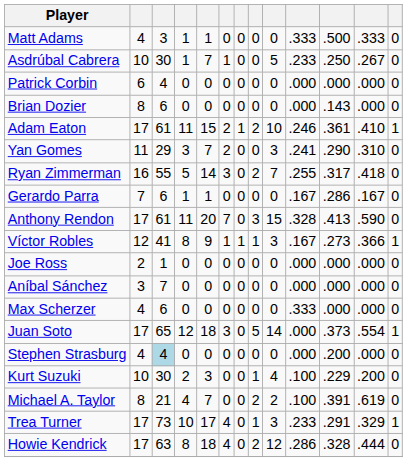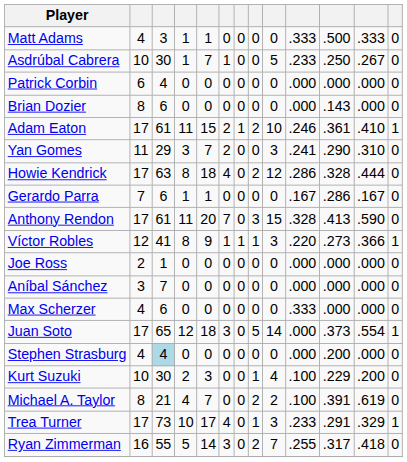 <table class="wikitable sortable" style="text-align:center;">
 <tr>
 <th>Player</th>
 <th></th>
 <th></th>
 <th></th>
 <th></th>
 <th></th>
 <th></th>
 <th></th>
 <th></th>
 <th></th>
 <th></th>
 <th></th>
 <th></th>
 </tr>
 <tr>
 <td align=left><a href='#'>Matt Adams</a></td>
 <td>4</td>
 <td>3</td>
 <td>1</td>
 <td>1</td>
 <td>0</td>
 <td>0</td>
 <td>0</td>
 <td>0</td>
 <td>.333</td>
 <td>.500</td>
 <td>.333</td>
 <td>0</td>
 </tr>
 <tr>
 <td align=left><a href='#'>Asdrúbal Cabrera</a></td>
 <td>10</td>
 <td>30</td>
 <td>1</td>
 <td>7</td>
 <td>1</td>
 <td>0</td>
 <td>0</td>
 <td>5</td>
 <td>.233</td>
 <td>.250</td>
 <td>.267</td>
 <td>0</td>
 </tr>
 <tr>
 <td align=left><a href='#'>Patrick Corbin</a></td>
 <td>6</td>
 <td>4</td>
 <td>0</td>
 <td>0</td>
 <td>0</td>
 <td>0</td>
 <td>0</td>
 <td>0</td>
 <td>.000</td>
 <td>.000</td>
 <td>.000</td>
 <td>0</td>
 </tr>
 <tr>
 <td align=left><a href='#'>Brian Dozier</a></td>
 <td>8</td>
 <td>6</td>
 <td>0</td>
 <td>0</td>
 <td>0</td>
 <td>0</td>
 <td>0</td>
 <td>0</td>
 <td>.000</td>
 <td>.143</td>
 <td>.000</td>
 <td>0</td>
 </tr>
 <tr>
 <td align=left><a href='#'>Adam Eaton</a></td>
 <td>17</td>
 <td>61</td>
 <td>11</td>
 <td>15</td>
 <td>2</td>
 <td>1</td>
 <td>2</td>
 <td>10</td>
 <td>.246</td>
 <td>.361</td>
 <td>.410</td>
 <td>1</td>
 </tr>
 <tr>
 <td align=left><a href='#'>Yan Gomes</a></td>
 <td>11</td>
 <td>29</td>
 <td>3</td>
 <td>7</td>
 <td>2</td>
 <td>0</td>
 <td>0</td>
 <td>3</td>
 <td>.241</td>
 <td>.290</td>
 <td>.310</td>
 <td>0</td>
 </tr>
 <tr>
-<td align=left><a href='#'>Ryan Zimmerman</a></td>
-<td>16</td>
-<td>55</td>
-<td>5</td>
-<td>14</td>
-<td>3</td>
+<td align=left><a href='#'>Howie Kendrick</a></td>
+<td>17</td>
+<td>63</td>
+<td>8</td>
+<td>18</td>
+<td>4</td>
 <td>0</td>
 <td>2</td>
-<td>7</td>
-<td>.255</td>
-<td>.317</td>
-<td>.418</td>
+<td>12</td>
+<td>.286</td>
+<td>.328</td>
+<td>.444</td>
 <td>0</td>
 </tr>
 <tr>
 <td align=left><a href='#'>Gerardo Parra</a></td>
 <td>7</td>
 <td>6</td>
 <td>1</td>
 <td>1</td>
 <td>0</td>
 <td>0</td>
 <td>0</td>
 <td>0</td>
 <td>.167</td>
 <td>.286</td>
 <td>.167</td>
 <td>0</td>
 </tr>
 <tr>
 <td align=left><a href='#'>Anthony Rendon</a></td>
 <td>17</td>
 <td>61</td>
 <td>11</td>
 <td>20</td>
 <td>7</td>
 <td>0</td>
 <td>3</td>
 <td>15</td>
 <td>.328</td>
 <td>.413</td>
 <td>.590</td>
 <td>0</td>
 </tr>
 <tr>
 <td align=left><a href='#'>Víctor Robles</a></td>
 <td>12</td>
 <td>41</td>
 <td>8</td>
 <td>9</td>
 <td>1</td>
 <td>1</td>
 <td>1</td>
 <td>3</td>
-<td>.167</td>
+<td>.220</td>
 <td>.273</td>
 <td>.366</td>
 <td>1</td>
 </tr>
 <tr>
 <td align=left><a href='#'>Joe Ross</a></td>
 <td>2</td>
 <td>1</td>
 <td>0</td>
 <td>0</td>
 <td>0</td>
 <td>0</td>
 <td>0</td>
 <td>0</td>
 <td>.000</td>
 <td>.000</td>
 <td>.000</td>
 <td>0</td>
 </tr>
 <tr>
 <td align=left><a href='#'>Aníbal Sánchez</a></td>
 <td>3</td>
 <td>7</td>
 <td>0</td>
 <td>0</td>
 <td>0</td>
 <td>0</td>
 <td>0</td>
 <td>0</td>
 <td>.000</td>
 <td>.000</td>
 <td>.000</td>
 <td>0</td>
 </tr>
 <tr>
 <td align=left><a href='#'>Max Scherzer</a></td>
 <td>4</td>
 <td>6</td>
 <td>0</td>
 <td>0</td>
 <td>0</td>
 <td>0</td>
 <td>0</td>
 <td>0</td>
 <td>.333</td>
 <td>.000</td>
 <td>.000</td>
 <td>0</td>
 </tr>
 <tr>
 <td align=left><a href='#'>Juan Soto</a></td>
 <td>17</td>
 <td>65</td>
 <td>12</td>
 <td>18</td>
 <td>3</td>
 <td>0</td>
 <td>5</td>
 <td>14</td>
 <td>.000</td>
 <td>.373</td>
 <td>.554</td>
 <td>1</td>
 </tr>
 <tr>
 <td align=left><a href='#'>Stephen Strasburg</a></td>
 <td>4</td>
 <td style="background: lightblue;">4</td>
 <td>0</td>
 <td>0</td>
 <td>0</td>
 <td>0</td>
 <td>0</td>
 <td>0</td>
 <td>.000</td>
 <td>.200</td>
 <td>.000</td>
 <td>0</td>
 </tr>
 <tr>
 <td align=left><a href='#'>Kurt Suzuki</a></td>
 <td>10</td>
 <td>30</td>
 <td>2</td>
 <td>3</td>
 <td>0</td>
 <td>0</td>
 <td>1</td>
 <td>4</td>
 <td>.100</td>
 <td>.229</td>
 <td>.200</td>
 <td>0</td>
 </tr>
 <tr>
 <td align=left><a href='#'>Michael A. Taylor</a></td>
 <td>8</td>
 <td>21</td>
 <td>4</td>
 <td>7</td>
 <td>0</td>
 <td>0</td>
 <td>2</td>
 <td>2</td>
 <td>.100</td>
 <td>.391</td>
 <td>.619</td>
 <td>0</td>
 </tr>
 <tr>
 <td align=left><a href='#'>Trea Turner</a></td>
 <td>17</td>
 <td>73</td>
 <td>10</td>
 <td>17</td>
 <td>4</td>
 <td>0</td>
 <td>1</td>
 <td>3</td>
 <td>.233</td>
 <td>.291</td>
 <td>.329</td>
 <td>1</td>
 </tr>
 <tr>
-<td align=left><a href='#'>Howie Kendrick</a></td>
-<td>17</td>
-<td>63</td>
-<td>8</td>
-<td>18</td>
-<td>4</td>
+<td align=left><a href='#'>Ryan Zimmerman</a></td>
+<td>16</td>
+<td>55</td>
+<td>5</td>
+<td>14</td>
+<td>3</td>
 <td>0</td>
 <td>2</td>
-<td>12</td>
-<td>.286</td>
-<td>.328</td>
-<td>.444</td>
+<td>7</td>
+<td>.255</td>
+<td>.317</td>
+<td>.418</td>
 <td>0</td>
 </tr>
 <tr class="sortbottom|}">
 </tr>
 </table>
